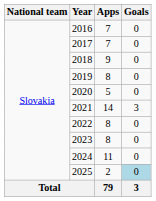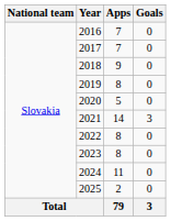 <table class="wikitable" style="text-align:center">
 <tr>
 <th>National team</th>
 <th>Year</th>
 <th>Apps</th>
 <th>Goals</th>
 </tr>
 <tr>
 <td rowspan="10"><a href='#'>Slovakia</a></td>
 <td>2016</td>
 <td>7</td>
 <td>0</td>
 </tr>
 <tr>
 <td>2017</td>
 <td>7</td>
 <td>0</td>
 </tr>
 <tr>
 <td>2018</td>
 <td>9</td>
 <td>0</td>
 </tr>
 <tr>
 <td>2019</td>
 <td>8</td>
 <td>0</td>
 </tr>
 <tr>
 <td>2020</td>
 <td>5</td>
 <td>0</td>
 </tr>
 <tr>
 <td>2021</td>
 <td>14</td>
 <td>3</td>
 </tr>
 <tr>
 <td>2022</td>
 <td>8</td>
 <td>0</td>
 </tr>
 <tr>
 <td>2023</td>
 <td>8</td>
 <td>0</td>
 </tr>
 <tr>
 <td>2024</td>
 <td>11</td>
 <td>0</td>
 </tr>
 <tr>
 <td>2025</td>
 <td>2</td>
-<td style="background: lightblue;">0</td>
+<td>0</td>
 </tr>
 <tr>
 <th colspan="2">Total</th>
 <th>79</th>
 <th>3</th>
 </tr>
 </table>
